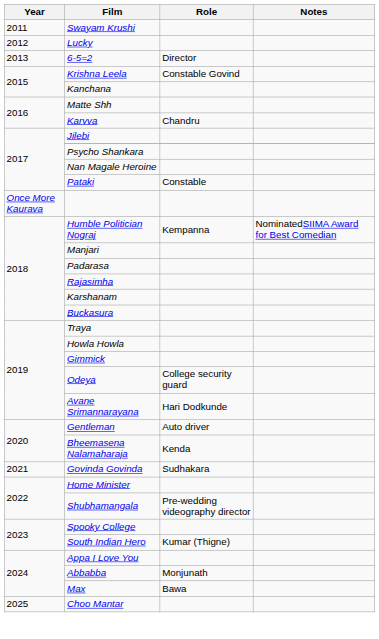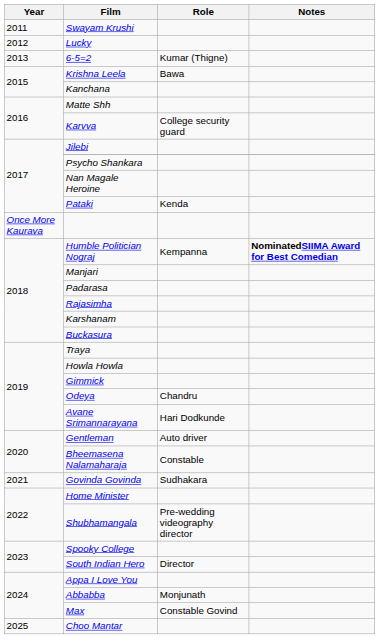 <table class="wikitable sortable">
 <tr>
 <th>Year</th>
 <th>Film</th>
 <th>Role</th>
 <th scope="col" class="unsortable">Notes</th>
 </tr>
 <tr>
 <td>2011</td>
 <td><em><a href='#'>Swayam Krushi</a></em></td>
 <td></td>
 <td></td>
 </tr>
 <tr>
 <td>2012</td>
 <td><em><a href='#'>Lucky</a></em></td>
 <td></td>
 <td></td>
 </tr>
 <tr>
 <td>2013</td>
 <td><em><a href='#'>6-5=2</a></em></td>
-<td>Director</td>
+<td>Kumar (Thigne)</td>
 <td></td>
 </tr>
 <tr>
 <td rowspan="2">2015</td>
 <td><em><a href='#'>Krishna Leela</a></em></td>
-<td>Constable Govind</td>
+<td>Bawa</td>
 <td></td>
 </tr>
 <tr>
 <td><em>Kanchana</em></td>
 <td></td>
 <td></td>
 </tr>
 <tr>
 <td rowspan="2">2016</td>
 <td><em>Matte Shh</em></td>
 <td></td>
 <td></td>
 </tr>
 <tr>
 <td><em><a href='#'>Karvva</a></em></td>
-<td>Chandru</td>
+<td>College security guard</td>
 <td></td>
 </tr>
 <tr>
 <td rowspan="5">2017</td>
 <td><em><a href='#'>Jilebi</a></em></td>
 <td></td>
 <td></td>
 </tr>
 <tr>
 </tr>
 <tr>
 <td><em>Psycho Shankara</em></td>
 <td></td>
 <td></td>
 </tr>
 <tr>
 <td><em>Nan Magale Heroine</em></td>
 <td></td>
 <td></td>
 </tr>
 <tr>
 <td><em><a href='#'>Pataki</a></em></td>
-<td>Constable</td>
+<td>Kenda</td>
 <td></td>
 </tr>
 <tr>
 <td><em><a href='#'>Once More Kaurava</a></em></td>
 <td></td>
 <td></td>
 </tr>
 <tr>
 <td rowspan="6">2018</td>
 <td><em><a href='#'>Humble Politician Nograj</a></em></td>
 <td>Kempanna</td>
-<td>Nominated<a href='#'>SIIMA Award for  Best Comedian</a></td>
+<td><strong>Nominated<a href='#'>SIIMA Award for  Best Comedian</a></strong></td>
 </tr>
 <tr>
 <td><em>Manjari</em></td>
 <td></td>
 <td></td>
 </tr>
 <tr>
 <td><em>Padarasa </em></td>
 <td></td>
 <td></td>
 </tr>
 <tr>
 <td><em><a href='#'>Rajasimha</a></em></td>
 <td></td>
 <td></td>
 </tr>
 <tr>
 <td><em>Karshanam</em></td>
 <td></td>
 <td></td>
 </tr>
 <tr>
 <td><em><a href='#'>Buckasura</a></em></td>
 <td></td>
 <td></td>
 </tr>
 <tr>
 <td rowspan="5">2019</td>
 <td><em>Traya</em></td>
 <td></td>
 <td></td>
 </tr>
 <tr>
 <td><em>Howla Howla</em></td>
 <td></td>
 <td></td>
 </tr>
 <tr>
 <td><em><a href='#'>Gimmick</a></em></td>
 <td></td>
 <td></td>
 </tr>
 <tr>
 <td><em><a href='#'>Odeya</a></em></td>
-<td>College security guard</td>
+<td>Chandru</td>
 <td></td>
 </tr>
 <tr>
 <td><em><a href='#'>Avane Srimannarayana</a></em></td>
 <td>Hari Dodkunde</td>
 <td></td>
 </tr>
 <tr>
 <td rowspan="2">2020</td>
 <td><em><a href='#'>Gentleman</a></em></td>
 <td>Auto driver</td>
 <td></td>
 </tr>
 <tr>
 <td><em><a href='#'>Bheemasena Nalamaharaja</a></em></td>
-<td>Kenda</td>
+<td>Constable</td>
 <td></td>
 </tr>
 <tr>
 <td>2021</td>
 <td><em><a href='#'>Govinda Govinda</a></em></td>
 <td>Sudhakara</td>
 <td></td>
 </tr>
 <tr>
 <td rowspan="2">2022</td>
 <td><em><a href='#'>Home Minister</a></em></td>
 <td></td>
 <td></td>
 </tr>
 <tr>
 <td><em><a href='#'>Shubhamangala</a></em></td>
 <td>Pre-wedding videography director</td>
 <td></td>
 </tr>
 <tr>
 <td rowspan="2">2023</td>
 <td><em><a href='#'>Spooky College</a></em></td>
 <td></td>
 <td></td>
 </tr>
 <tr>
 <td><em><a href='#'>South Indian Hero</a></em></td>
-<td>Kumar (Thigne)</td>
+<td>Director</td>
 <td></td>
 </tr>
 <tr>
 <td rowspan="3">2024</td>
 <td><em><a href='#'>Appa I Love You</a></em></td>
 <td></td>
 <td></td>
 </tr>
 <tr>
 <td><em><a href='#'>Abbabba</a></em></td>
 <td>Monjunath</td>
 <td></td>
 </tr>
 <tr>
 <td><em><a href='#'>Max</a></em></td>
-<td>Bawa</td>
+<td>Constable Govind</td>
 <td></td>
 </tr>
 <tr>
 <td>2025</td>
 <td><em><a href='#'>Choo Mantar</a></em></td>
 <td></td>
 <td></td>
 </tr>
 </table>
